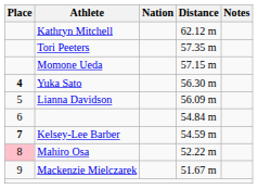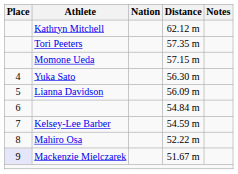 <table class="wikitable mw-datatable sortable" style="text-align:center;">
 <tr>
 <th scope="col">Place</th>
 <th scope="col">Athlete</th>
 <th scope="col">Nation</th>
 <th scope="col">Distance</th>
 <th scope="col">Notes</th>
 </tr>
 <tr>
 <td></td>
 <td align="left"><a href='#'>Kathryn Mitchell</a></td>
 <td align="left"></td>
 <td>62.12 m</td>
 <td></td>
 </tr>
 <tr>
 <td></td>
 <td align="left"><a href='#'>Tori Peeters</a></td>
 <td align="left"></td>
 <td>57.35 m</td>
 <td></td>
 </tr>
 <tr>
 <td></td>
 <td align="left"><a href='#'>Momone Ueda</a></td>
 <td align="left"></td>
 <td>57.15 m</td>
 <td></td>
 </tr>
 <tr>
-<td><strong>4</strong></td>
+<td>4</td>
 <td align="left"><a href='#'>Yuka Sato</a></td>
 <td align="left"></td>
 <td>56.30 m</td>
 <td></td>
 </tr>
 <tr>
 <td>5</td>
 <td align="left"><a href='#'>Lianna Davidson</a></td>
 <td align="left"></td>
 <td>56.09 m</td>
 <td></td>
 </tr>
 <tr>
 <td>6</td>
 <td align="left"></td>
 <td align="left"></td>
 <td>54.84 m</td>
 <td></td>
 </tr>
 <tr>
-<td><strong>7</strong></td>
+<td>7</td>
 <td align="left"><a href='#'>Kelsey-Lee Barber</a></td>
 <td align="left"></td>
 <td>54.59 m</td>
 <td></td>
 </tr>
 <tr>
-<td style="background: pink;">8</td>
+<td>8</td>
 <td align="left"><a href='#'>Mahiro Osa</a></td>
 <td align="left"></td>
 <td>52.22 m</td>
 <td></td>
 </tr>
 <tr>
-<td>9</td>
+<td style="background: lavender;">9</td>
 <td align="left"><a href='#'>Mackenzie Mielczarek</a></td>
 <td align="left"></td>
 <td>51.67 m</td>
 <td></td>
 </tr>
 <tr class="sortbottom">
 <td colspan="5"></td>
 </tr>
 </table>
